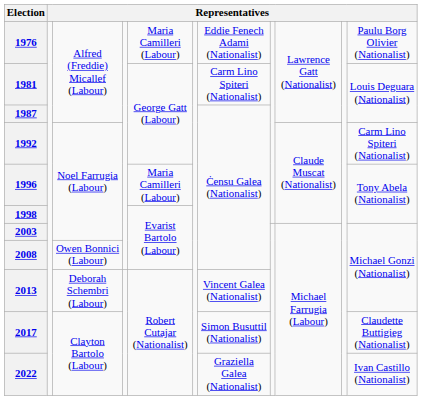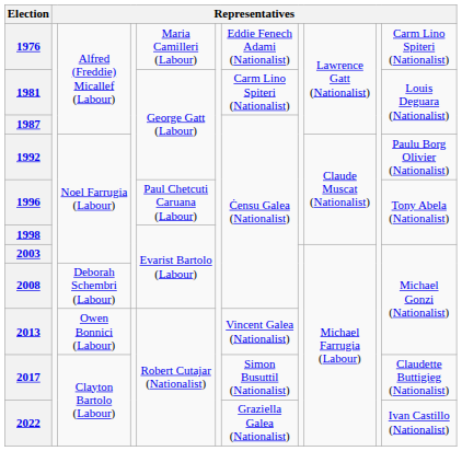 <table class="wikitable" style="text-align:center">
 <tr>
 <th>Election</th>
 <th colspan=10>Representatives</th>
 </tr>
 <tr>
 <th><a href='#'>1976</a></th>
 <td rowspan=11; style="background-color: "></td>
 <td rowspan=3><a href='#'>Alfred (Freddie) Micallef</a><br>(<a href='#'>Labour</a>)</td>
 <td rowspan=8; style="background-color: "></td>
 <td rowspan=1><a href='#'>Maria Camilleri</a><br>(<a href='#'>Labour</a>)</td>
 <td rowspan=11; style="background-color: "></td>
 <td rowspan=1><a href='#'>Eddie Fenech Adami</a><br>(<a href='#'>Nationalist</a>)</td>
 <td rowspan=6; style="background-color: "></td>
 <td rowspan=3><a href='#'>Lawrence Gatt</a><br>(<a href='#'>Nationalist</a>)</td>
 <td rowspan=11; style="background-color: "></td>
-<td rowspan=1><a href='#'>Paulu Borg Olivier</a><br>(<a href='#'>Nationalist</a>)</td>
+<td rowspan=1><a href='#'>Carm Lino Spiteri</a><br>(<a href='#'>Nationalist</a>)</td>
 </tr>
 <tr>
 <th><a href='#'>1981</a></th>
 <td rowspan=3><a href='#'>George Gatt</a><br>(<a href='#'>Labour</a>)</td>
 <td rowspan=1><a href='#'>Carm Lino Spiteri</a><br>(<a href='#'>Nationalist</a>)</td>
 <td rowspan=2><a href='#'>Louis Deguara</a><br>(<a href='#'>Nationalist</a>)</td>
 </tr>
 <tr>
 <th><a href='#'>1987</a></th>
 <td rowspan=6><a href='#'>Ċensu Galea</a><br>(<a href='#'>Nationalist</a>)</td>
 </tr>
 <tr>
 <th><a href='#'>1992</a></th>
 <td rowspan=4><a href='#'>Noel Farrugia</a><br>(<a href='#'>Labour</a>)</td>
 <td rowspan=3><a href='#'>Claude Muscat</a><br>(<a href='#'>Nationalist</a>)</td>
-<td rowspan=1><a href='#'>Carm Lino Spiteri</a><br>(<a href='#'>Nationalist</a>)</td>
+<td rowspan=1><a href='#'>Paulu Borg Olivier</a><br>(<a href='#'>Nationalist</a>)</td>
 </tr>
 <tr>
 <th><a href='#'>1996</a></th>
-<td rowspan=1><a href='#'>Maria Camilleri</a><br>(<a href='#'>Labour</a>)</td>
+<td rowspan=1><a href='#'>Paul Chetcuti Caruana</a><br>(<a href='#'>Labour</a>)</td>
 <td rowspan=2><a href='#'>Tony Abela</a><br>(<a href='#'>Nationalist</a>)</td>
 </tr>
 <tr>
 <th><a href='#'>1998</a></th>
 <td rowspan=3><a href='#'>Evarist Bartolo</a><br>(<a href='#'>Labour</a>)</td>
 </tr>
 <tr>
 <th><a href='#'>2003</a></th>
 <td rowspan=5; style="background-color: "></td>
 <td rowspan=5><a href='#'>Michael Farrugia</a><br>(<a href='#'>Labour</a>)</td>
 <td rowspan=3><a href='#'>Michael Gonzi</a><br>(<a href='#'>Nationalist</a>)</td>
 </tr>
 <tr>
 <th><a href='#'>2008</a></th>
-<td><a href='#'>Owen Bonnici</a><br>(<a href='#'>Labour</a>)</td>
+<td><a href='#'>Deborah Schembri</a><br>(<a href='#'>Labour</a>)</td>
 </tr>
 <tr>
 <th><a href='#'>2013</a></th>
-<td><a href='#'>Deborah Schembri</a><br>(<a href='#'>Labour</a>)</td>
+<td><a href='#'>Owen Bonnici</a><br>(<a href='#'>Labour</a>)</td>
 <td rowspan=3; style="background-color: "></td>
 <td rowspan=3><a href='#'>Robert Cutajar</a><br>(<a href='#'>Nationalist</a>)</td>
 <td><a href='#'>Vincent Galea</a><br>(<a href='#'>Nationalist</a>)</td>
 </tr>
 <tr>
 <th><a href='#'>2017</a></th>
 <td rowspan=2><a href='#'>Clayton Bartolo</a><br>(<a href='#'>Labour</a>)</td>
 <td><a href='#'>Simon Busuttil</a><br>(<a href='#'>Nationalist</a>)</td>
 <td><a href='#'>Claudette Buttigieg</a><br>(<a href='#'>Nationalist</a>)</td>
 </tr>
 <tr>
 <th><a href='#'>2022</a></th>
 <td><a href='#'>Graziella Galea</a><br>(<a href='#'>Nationalist</a>)</td>
 <td><a href='#'>Ivan Castillo</a><br>(<a href='#'>Nationalist</a>)</td>
 </tr>
 </table>
